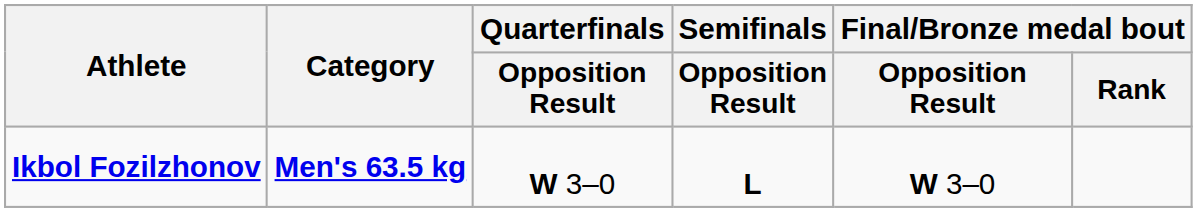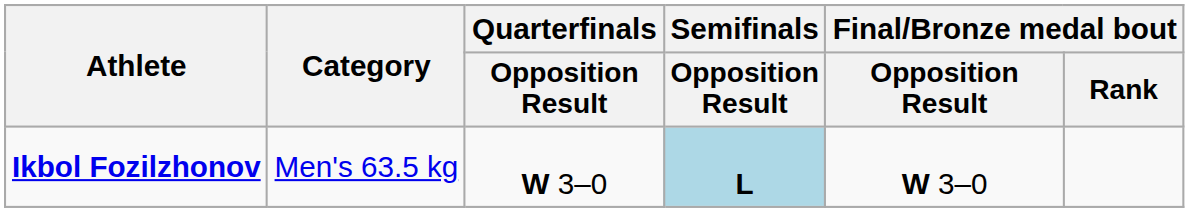 <table class="wikitable" style="text-align:center; font-size:90%">
 <tr>
 <th rowspan=2>Athlete</th>
 <th rowspan=2>Category</th>
 <th>Quarterfinals</th>
 <th>Semifinals</th>
 <th colspan=2>Final/Bronze medal bout</th>
 </tr>
 <tr style="font-size:95%">
 <th>Opposition<br>Result</th>
 <th>Opposition<br>Result</th>
 <th>Opposition<br>Result</th>
 <th>Rank</th>
 </tr>
 <tr>
 <td align=left><strong><a href='#'>Ikbol Fozilzhonov</a></strong></td>
-<td align=left><strong><a href='#'>Men's 63.5 kg</a></strong></td>
+<td align=left><a href='#'>Men's 63.5 kg</a></td>
 <td><br> <strong>W</strong> 3–0</td>
-<td><br> <strong>L</strong> </td>
+<td style="background: lightblue;"><br> <strong>L</strong> </td>
 <td><br> <strong>W</strong> 3–0</td>
 <td></td>
 </tr>
 </table>
